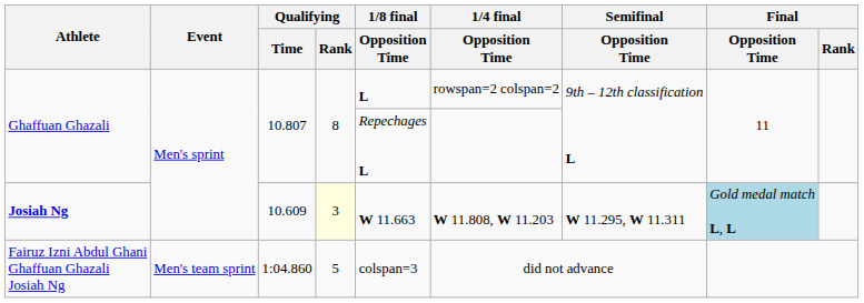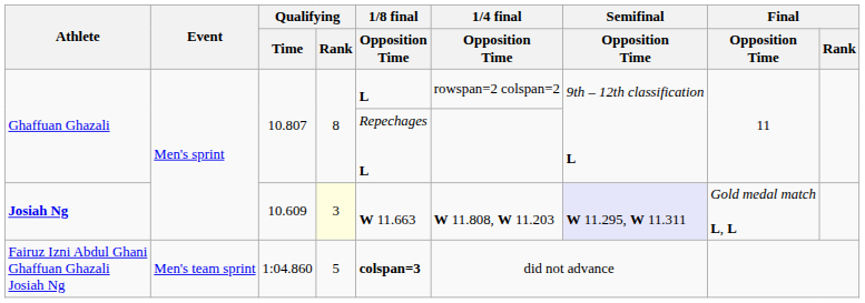 <table class=wikitable style="text-align:left; font-size:90%">
 <tr>
 <th rowspan=2 align=center>Athlete</th>
 <th rowspan=2 align=center>Event</th>
 <th colspan=2 align=center>Qualifying</th>
 <th align=center>1/8 final</th>
 <th align=center>1/4 final</th>
 <th align=center>Semifinal</th>
 <th colspan=2 align=center>Final</th>
 </tr>
 <tr>
 <th align=center>Time</th>
 <th align=center>Rank</th>
 <th align=center>Opposition<br>Time</th>
 <th align=center>Opposition<br>Time</th>
 <th align=center>Opposition<br>Time</th>
 <th align=center>Opposition<br>Time</th>
 <th align=center>Rank</th>
 </tr>
 <tr>
 <td rowspan=2><a href='#'>Ghaffuan Ghazali</a></td>
 <td rowspan=3><a href='#'>Men's sprint</a></td>
 <td rowspan=2 align=center>10.807</td>
 <td rowspan=2 align=center>8 <strong></strong></td>
 <td><br><strong>L</strong></td>
 <td>rowspan=2 colspan=2 </td>
 <td rowspan=2><em>9th – 12th classification</em><br><br><br><br><strong>L</strong></td>
 <td rowspan=2 align=center>11</td>
 </tr>
 <tr>
 <td><em>Repechages</em><br><br><br><strong>L</strong></td>
 </tr>
 <tr>
 <td><strong><a href='#'>Josiah Ng</a></strong></td>
 <td align=center>10.609</td>
 <td align=center style="background: lightyellow;">3 <strong></strong></td>
 <td><br><strong>W</strong> 11.663</td>
 <td><br><strong>W</strong> 11.808, <strong>W</strong> 11.203</td>
-<td><br><strong>W</strong> 11.295, <strong>W</strong> 11.311</td>
-<td style="background: lightblue;"><em>Gold medal match</em><br><br><strong>L</strong>, <strong>L</strong></td>
+<td style="background: lavender;"><br><strong>W</strong> 11.295, <strong>W</strong> 11.311</td>
+<td><em>Gold medal match</em><br><br><strong>L</strong>, <strong>L</strong></td>
 <td align=center></td>
 </tr>
 <tr>
 <td align=left><a href='#'>Fairuz Izni Abdul Ghani</a><br><a href='#'>Ghaffuan Ghazali</a><br><a href='#'>Josiah Ng</a></td>
 <td align=left><a href='#'>Men's team sprint</a></td>
 <td align=center>1:04.860</td>
 <td align=center>5</td>
-<td>colspan=3 </td>
+<td><strong>colspan=3 </strong></td>
 <td align=center colspan=2>did not advance</td>
 </tr>
 </table>
